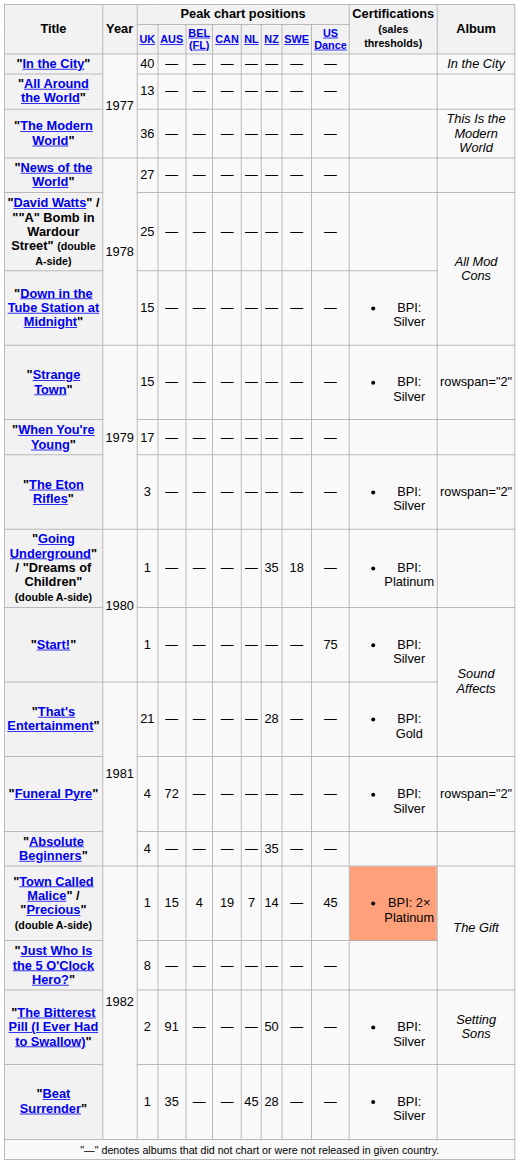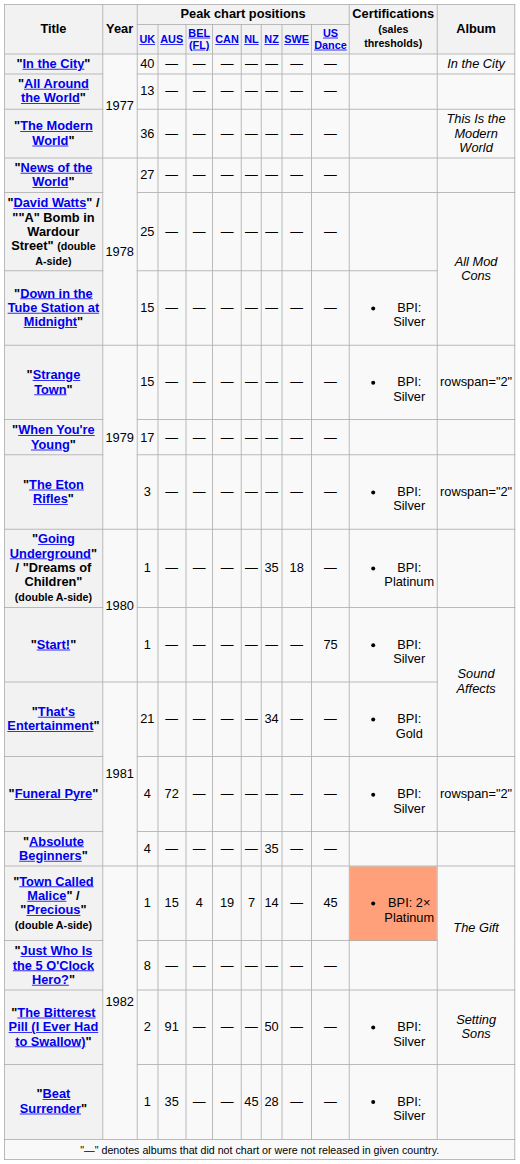 <table class="wikitable plainrowheaders" style="text-align:center;">
 <tr>
 <th rowspan="2">Title</th>
 <th rowspan="2">Year</th>
 <th colspan="8">Peak chart positions</th>
 <th rowspan="2">Certifications<br><small>(sales thresholds)</small></th>
 <th rowspan="2">Album</th>
 </tr>
 <tr>
 <th style="width:3em;font-size:85%"><a href='#'>UK</a><br></th>
 <th style="width:3em;font-size:85%"><a href='#'>AUS</a><br></th>
 <th style="width:3em;font-size:85%"><a href='#'>BEL<br>(FL)</a><br></th>
 <th style="width:3em;font-size:85%"><a href='#'>CAN</a><br></th>
 <th style="width:3em;font-size:85%"><a href='#'>NL</a><br></th>
 <th style="width:3em;font-size:85%"><a href='#'>NZ</a><br></th>
 <th style="width:3em;font-size:85%"><a href='#'>SWE</a><br></th>
 <th style="width:3em;font-size:85%"><a href='#'>US<br>Dance</a><br></th>
 </tr>
 <tr>
 <th scope="row">"<a href='#'>In the City</a>"</th>
 <td rowspan="3">1977</td>
 <td>40</td>
 <td>—</td>
 <td>—</td>
 <td>—</td>
 <td>—</td>
 <td>—</td>
 <td>—</td>
 <td>—</td>
 <td></td>
 <td><em>In the City</em></td>
 </tr>
 <tr>
 <th scope="row">"<a href='#'>All Around the World</a>"</th>
 <td>13</td>
 <td>—</td>
 <td>—</td>
 <td>—</td>
 <td>—</td>
 <td>—</td>
 <td>—</td>
 <td>—</td>
 <td></td>
 <td></td>
 </tr>
 <tr>
 <th scope="row">"<a href='#'>The Modern World</a>"</th>
 <td>36</td>
 <td>—</td>
 <td>—</td>
 <td>—</td>
 <td>—</td>
 <td>—</td>
 <td>—</td>
 <td>—</td>
 <td></td>
 <td><em>This Is the Modern World</em></td>
 </tr>
 <tr>
 <th scope="row">"<a href='#'>News of the World</a>"</th>
 <td rowspan="3">1978</td>
 <td>27</td>
 <td>—</td>
 <td>—</td>
 <td>—</td>
 <td>—</td>
 <td>—</td>
 <td>—</td>
 <td>—</td>
 <td></td>
 <td></td>
 </tr>
 <tr>
 <th scope="row">"<a href='#'>David Watts</a>" / ""A" Bomb in Wardour Street" <small>(double A-side)</small></th>
 <td>25</td>
 <td>—</td>
 <td>—</td>
 <td>—</td>
 <td>—</td>
 <td>—</td>
 <td>—</td>
 <td>—</td>
 <td></td>
 <td rowspan="2"><em>All Mod Cons</em></td>
 </tr>
 <tr>
 <th scope="row">"<a href='#'>Down in the Tube Station at Midnight</a>"</th>
 <td>15</td>
 <td>—</td>
 <td>—</td>
 <td>—</td>
 <td>—</td>
 <td>—</td>
 <td>—</td>
 <td>—</td>
 <td><br><ul><li>BPI: Silver</li></ul></td>
 </tr>
 <tr>
 <th scope="row">"<a href='#'>Strange Town</a>"</th>
 <td rowspan="3">1979</td>
 <td>15</td>
 <td>—</td>
 <td>—</td>
 <td>—</td>
 <td>—</td>
 <td>—</td>
 <td>—</td>
 <td>—</td>
 <td><br><ul><li>BPI: Silver</li></ul></td>
 <td>rowspan="2" </td>
 </tr>
 <tr>
 <th scope="row">"<a href='#'>When You're Young</a>"</th>
 <td>17</td>
 <td>—</td>
 <td>—</td>
 <td>—</td>
 <td>—</td>
 <td>—</td>
 <td>—</td>
 <td>—</td>
 <td></td>
 </tr>
 <tr>
 <th scope="row">"<a href='#'>The Eton Rifles</a>"</th>
 <td>3</td>
 <td>—</td>
 <td>—</td>
 <td>—</td>
 <td>—</td>
 <td>—</td>
 <td>—</td>
 <td>—</td>
 <td><br><ul><li>BPI: Silver</li></ul></td>
 <td>rowspan="2" </td>
 </tr>
 <tr>
 <th scope="row">"<a href='#'>Going Underground</a>" / "Dreams of Children" <small>(double A-side)</small></th>
 <td rowspan="2">1980</td>
 <td>1</td>
 <td>—</td>
 <td>—</td>
 <td>—</td>
 <td>—</td>
 <td>35</td>
 <td>18</td>
 <td>—</td>
 <td><br><ul><li>BPI: Platinum</li></ul></td>
 <td></td>
 </tr>
 <tr>
 <th scope="row">"<a href='#'>Start!</a>"</th>
 <td>1</td>
 <td>—</td>
 <td>—</td>
 <td>—</td>
 <td>—</td>
 <td>—</td>
 <td>—</td>
 <td>75</td>
 <td><br><ul><li>BPI: Silver</li></ul></td>
 <td rowspan="2"><em>Sound Affects</em></td>
 </tr>
 <tr>
 <th scope="row">"<a href='#'>That's Entertainment</a>"</th>
 <td rowspan="3">1981</td>
 <td>21</td>
 <td>—</td>
 <td>—</td>
 <td>—</td>
 <td>—</td>
-<td>28</td>
+<td>34</td>
 <td>—</td>
 <td>—</td>
 <td><br><ul><li>BPI: Gold</li></ul></td>
 </tr>
 <tr>
 <th scope="row">"<a href='#'>Funeral Pyre</a>"</th>
 <td>4</td>
 <td>72</td>
 <td>—</td>
 <td>—</td>
 <td>—</td>
 <td>—</td>
 <td>—</td>
 <td>—</td>
 <td><br><ul><li>BPI: Silver</li></ul></td>
 <td>rowspan="2" </td>
 </tr>
 <tr>
 <th scope="row">"<a href='#'>Absolute Beginners</a>"</th>
 <td>4</td>
 <td>—</td>
 <td>—</td>
 <td>—</td>
 <td>—</td>
 <td>35</td>
 <td>—</td>
 <td>—</td>
 <td></td>
 </tr>
 <tr>
 <th scope="row">"<a href='#'>Town Called Malice</a>" / "<a href='#'>Precious</a>" <small>(double A-side)</small></th>
 <td rowspan="4">1982</td>
 <td>1</td>
 <td>15</td>
 <td>4</td>
 <td>19</td>
 <td>7</td>
 <td>14</td>
 <td>—</td>
 <td>45</td>
 <td style="background: lightsalmon;"><br><ul><li>BPI: 2× Platinum</li></ul></td>
 <td rowspan="2"><em>The Gift</em></td>
 </tr>
 <tr>
 <th scope="row">"<a href='#'>Just Who Is the 5 O'Clock Hero?</a>"</th>
 <td>8</td>
 <td>—</td>
 <td>—</td>
 <td>—</td>
 <td>—</td>
 <td>—</td>
 <td>—</td>
 <td>—</td>
 <td></td>
 </tr>
 <tr>
 <th scope="row">"<a href='#'>The Bitterest Pill (I Ever Had to Swallow)</a>"</th>
 <td>2</td>
 <td>91</td>
 <td>—</td>
 <td>—</td>
 <td>—</td>
 <td>50</td>
 <td>—</td>
 <td>—</td>
 <td><br><ul><li>BPI: Silver</li></ul></td>
 <td><em>Setting Sons</em></td>
 </tr>
 <tr>
 <th scope="row">"<a href='#'>Beat Surrender</a>"</th>
 <td>1</td>
 <td>35</td>
 <td>—</td>
 <td>—</td>
 <td>45</td>
 <td>28</td>
 <td>—</td>
 <td>—</td>
 <td><br><ul><li>BPI: Silver</li></ul></td>
 </tr>
 <tr>
 <td colspan="12"><small>"—" denotes albums that did not chart or were not released in given country.</small></td>
 </tr>
 </table>
